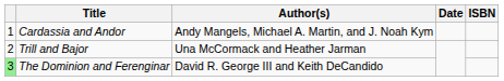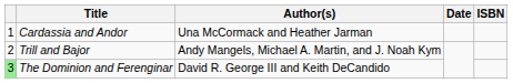 <table class="wikitable">
 <tr>
 <th></th>
 <th>Title</th>
 <th>Author(s)</th>
 <th>Date</th>
 <th>ISBN</th>
 </tr>
 <tr>
 <td>1</td>
 <td><em>Cardassia and Andor</em></td>
-<td>Andy Mangels, Michael A. Martin, and J. Noah Kym</td>
+<td>Una McCormack and Heather Jarman</td>
 <td></td>
 <td></td>
 </tr>
 <tr>
 <td>2</td>
 <td><em>Trill and Bajor</em></td>
-<td>Una McCormack and Heather Jarman</td>
+<td>Andy Mangels, Michael A. Martin, and J. Noah Kym</td>
 <td rowspan="2"></td>
 <td></td>
 </tr>
 <tr>
 <td style="background: lightgreen;">3</td>
 <td><em>The Dominion and Ferenginar</em></td>
 <td>David R. George III and Keith DeCandido</td>
 <td></td>
 </tr>
 </table>
